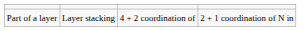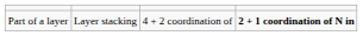 <table class="wikitable" style="text-align:center;">
 <tr>
 <td></td>
 <td></td>
 <td></td>
 <td></td>
 </tr>
 <tr>
 <td><small>Part of a layer</small></td>
 <td><small>Layer stacking</small></td>
 <td><small>4 + 2 coordination of </small></td>
-<td><small>2 + 1 coordination of N in </small></td>
+<td><strong><small>2 + 1 coordination of N in </small></strong></td>
 </tr>
 </table>
